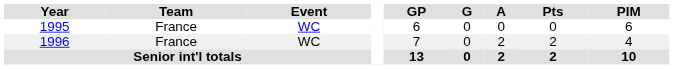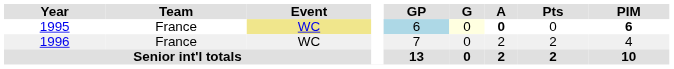 <table BORDER="0" CELLPADDING="0" CELLSPACING="0" width="50%">
 <tr ALIGN="center" bgcolor="#e0e0e0">
 <th>Year</th>
 <th>Team</th>
 <th>Event</th>
 <th rowspan="99" bgcolor="#ffffff"> </th>
 <th>GP</th>
 <th>G</th>
 <th>A</th>
 <th>Pts</th>
 <th>PIM</th>
 </tr>
 <tr ALIGN="center">
 <td><a href='#'>1995</a></td>
 <td>France</td>
-<td><a href='#'>WC</a></td>
-<td>6</td>
+<td style="background: khaki;"><a href='#'>WC</a></td>
+<td style="background: lightblue;">6</td>
+<td style="background: lightyellow;">0</td>
+<td><strong>0</strong></td>
 <td>0</td>
-<td>0</td>
-<td>0</td>
-<td>6</td>
+<td><strong>6</strong></td>
 </tr>
 <tr ALIGN="center" bgcolor="#f0f0f0">
 <td><a href='#'>1996</a></td>
 <td>France</td>
 <td>WC</td>
 <td>7</td>
 <td>0</td>
 <td>2</td>
 <td>2</td>
 <td>4</td>
 </tr>
 <tr ALIGN="center" bgcolor="#e0e0e0">
 <th colspan=3>Senior int'l totals</th>
 <th>13</th>
 <th>0</th>
 <th>2</th>
 <th>2</th>
 <th>10</th>
 </tr>
 </table>
